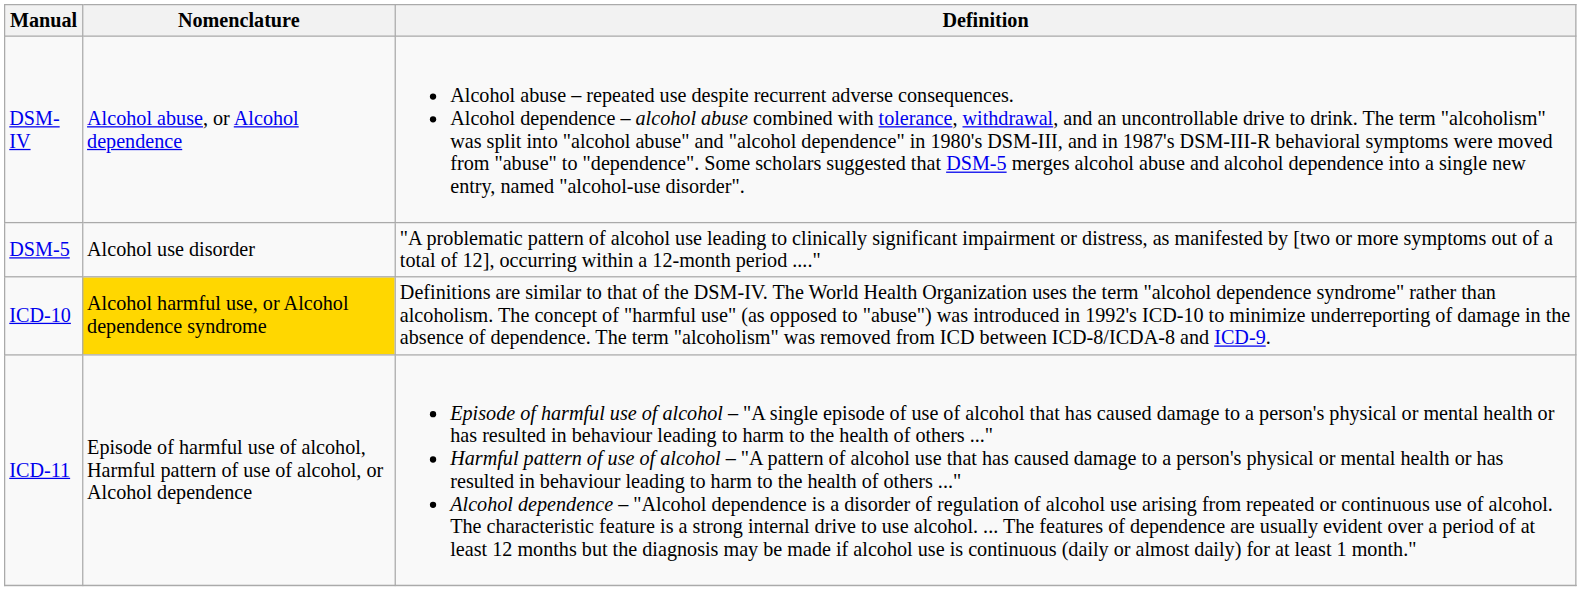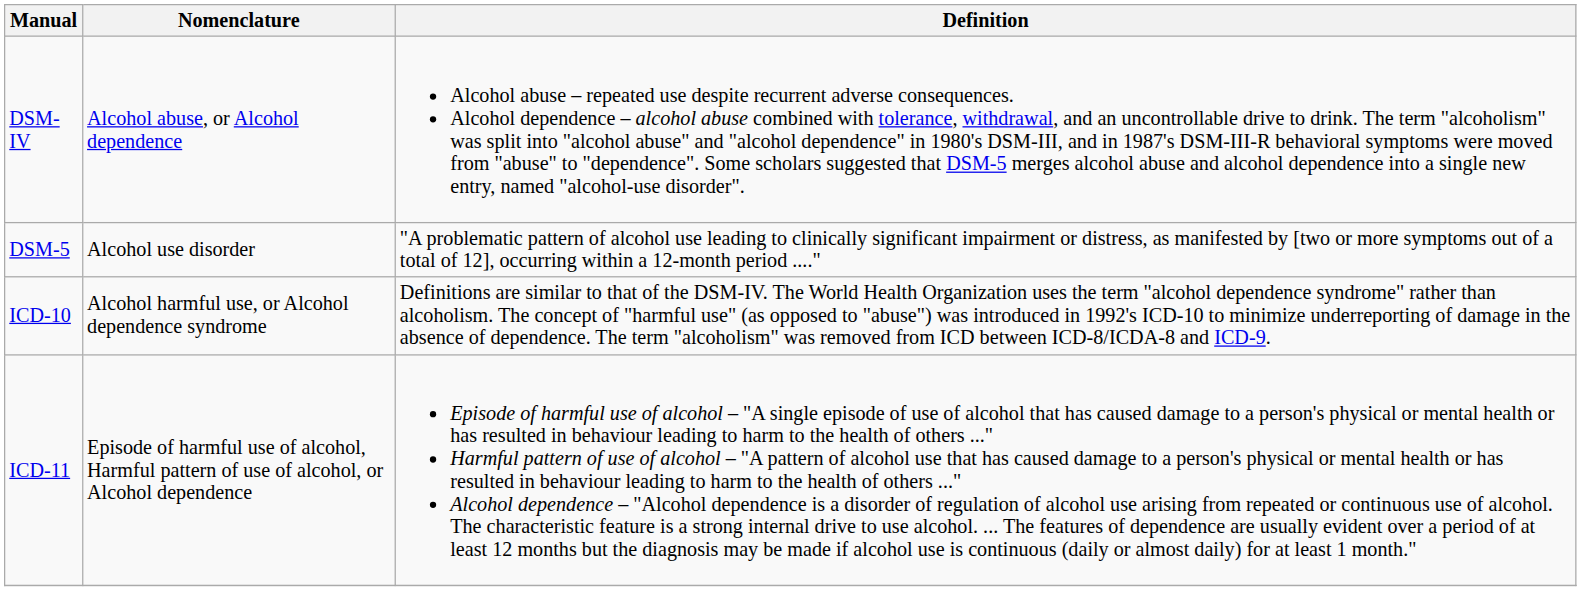 <table class="wikitable">
 <tr>
 <th>Manual</th>
 <th>Nomenclature</th>
 <th>Definition</th>
 </tr>
 <tr>
 <td><a href='#'>DSM-IV</a></td>
 <td><a href='#'>Alcohol abuse</a>, or <a href='#'>Alcohol dependence</a></td>
 <td><br><ul><li>Alcohol abuse – repeated use despite recurrent adverse consequences.</li><li>Alcohol dependence – <em>alcohol abuse</em> combined with <a href='#'>tolerance</a>, <a href='#'>withdrawal</a>, and an uncontrollable drive to drink. The term "alcoholism" was split into "alcohol abuse" and "alcohol dependence" in 1980's DSM-III, and in 1987's DSM-III-R behavioral symptoms were moved from "abuse" to "dependence". Some scholars suggested that <a href='#'>DSM-5</a> merges alcohol abuse and alcohol dependence into a single new entry, named "alcohol-use disorder".</li></ul></td>
 </tr>
 <tr>
 <td><a href='#'>DSM-5</a></td>
 <td>Alcohol use disorder</td>
 <td>"A problematic pattern of alcohol use leading to clinically significant impairment or distress, as manifested by [two or more symptoms out of a total of 12], occurring within a 12-month period ...."</td>
 </tr>
 <tr>
 <td><a href='#'>ICD-10</a></td>
-<td style="background: gold;">Alcohol harmful use, or Alcohol dependence syndrome</td>
+<td>Alcohol harmful use, or Alcohol dependence syndrome</td>
 <td>Definitions are similar to that of the DSM-IV. The World Health Organization uses the term "alcohol dependence syndrome" rather than alcoholism. The concept of "harmful use" (as opposed to "abuse") was introduced in 1992's ICD-10 to minimize underreporting of damage in the absence of dependence. The term "alcoholism" was removed from ICD between ICD-8/ICDA-8 and <a href='#'>ICD-9</a>.</td>
 </tr>
 <tr>
 <td><a href='#'>ICD-11</a></td>
 <td>Episode of harmful use of alcohol, Harmful pattern of use of alcohol, or Alcohol dependence</td>
 <td><br><ul><li><em>Episode of harmful use of alcohol</em> – "A single episode of use of alcohol that has caused damage to a person's physical or mental health or has resulted in behaviour leading to harm to the health of others ..."</li><li><em>Harmful pattern of use of alcohol</em> – "A pattern of alcohol use that has caused damage to a person's physical or mental health or has resulted in behaviour leading to harm to the health of others ..."</li><li><em>Alcohol dependence</em> – "Alcohol dependence is a disorder of regulation of alcohol use arising from repeated or continuous use of alcohol. The characteristic feature is a strong internal drive to use alcohol. ... The features of dependence are usually evident over a period of at least 12 months but the diagnosis may be made if alcohol use is continuous (daily or almost daily) for at least 1 month."</li></ul></td>
 </tr>
 <tr>
 </tr>
 </table>
